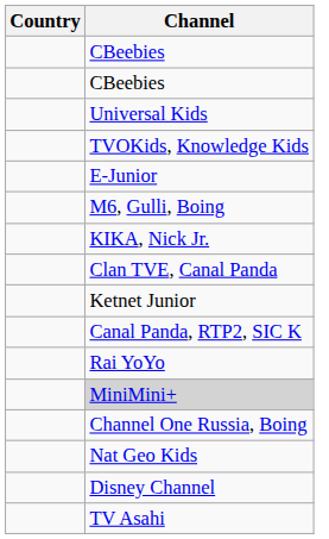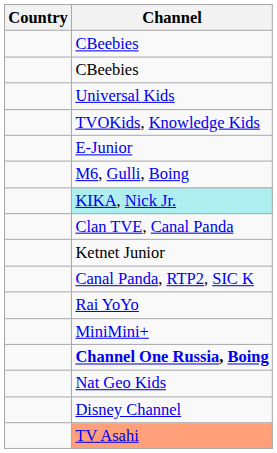 <table class="wikitable">
 <tr>
 <th>Country</th>
 <th>Channel</th>
 </tr>
 <tr>
 <td></td>
 <td><a href='#'>CBeebies</a></td>
 </tr>
 <tr>
 <td></td>
 <td>CBeebies</td>
 </tr>
 <tr>
 <td></td>
 <td><a href='#'>Universal Kids</a></td>
 </tr>
 <tr>
 <td></td>
 <td><a href='#'>TVOKids</a>, <a href='#'>Knowledge Kids</a></td>
 </tr>
 <tr>
 <td></td>
 <td><a href='#'>E-Junior</a></td>
 </tr>
 <tr>
 <td></td>
 <td><a href='#'>M6</a>, <a href='#'>Gulli</a>, <a href='#'>Boing</a></td>
 </tr>
 <tr>
 <td></td>
-<td><a href='#'>KIKA</a>, <a href='#'>Nick Jr.</a></td>
+<td style="background: paleturquoise;"><a href='#'>KIKA</a>, <a href='#'>Nick Jr.</a></td>
 </tr>
 <tr>
 <td></td>
 <td><a href='#'>Clan TVE</a>, <a href='#'>Canal Panda</a></td>
 </tr>
 <tr>
 <td></td>
 <td>Ketnet Junior</td>
 </tr>
 <tr>
 <td></td>
 <td><a href='#'>Canal Panda</a>, <a href='#'>RTP2</a>, <a href='#'>SIC K</a></td>
 </tr>
 <tr>
 <td></td>
 <td><a href='#'>Rai YoYo</a></td>
 </tr>
 <tr>
 <td></td>
-<td style="background: lightgrey;"><a href='#'>MiniMini+</a></td>
+<td><a href='#'>MiniMini+</a></td>
 </tr>
 <tr>
 <td></td>
-<td><a href='#'>Channel One Russia</a>, <a href='#'>Boing</a></td>
+<td><strong><a href='#'>Channel One Russia</a>, <a href='#'>Boing</a></strong></td>
 </tr>
 <tr>
 <td></td>
 <td><a href='#'>Nat Geo Kids</a></td>
 </tr>
 <tr>
 <td></td>
 <td><a href='#'>Disney Channel</a></td>
 </tr>
 <tr>
 <td></td>
-<td><a href='#'>TV Asahi</a></td>
+<td style="background: lightsalmon;"><a href='#'>TV Asahi</a></td>
 </tr>
 </table>
